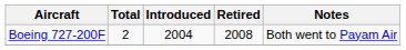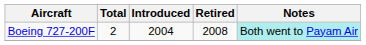 <table class="wikitable" style="margin:1em auto;text-align:center">
 <tr>
 <th>Aircraft</th>
 <th>Total</th>
 <th>Introduced</th>
 <th>Retired</th>
 <th>Notes</th>
 </tr>
 <tr>
 <td><a href='#'>Boeing 727-200F</a></td>
 <td>2</td>
 <td>2004</td>
 <td>2008</td>
-<td>Both went to <a href='#'>Payam Air</a></td>
+<td style="background: paleturquoise;">Both went to <a href='#'>Payam Air</a></td>
 </tr>
 <tr>
 </tr>
 </table>
